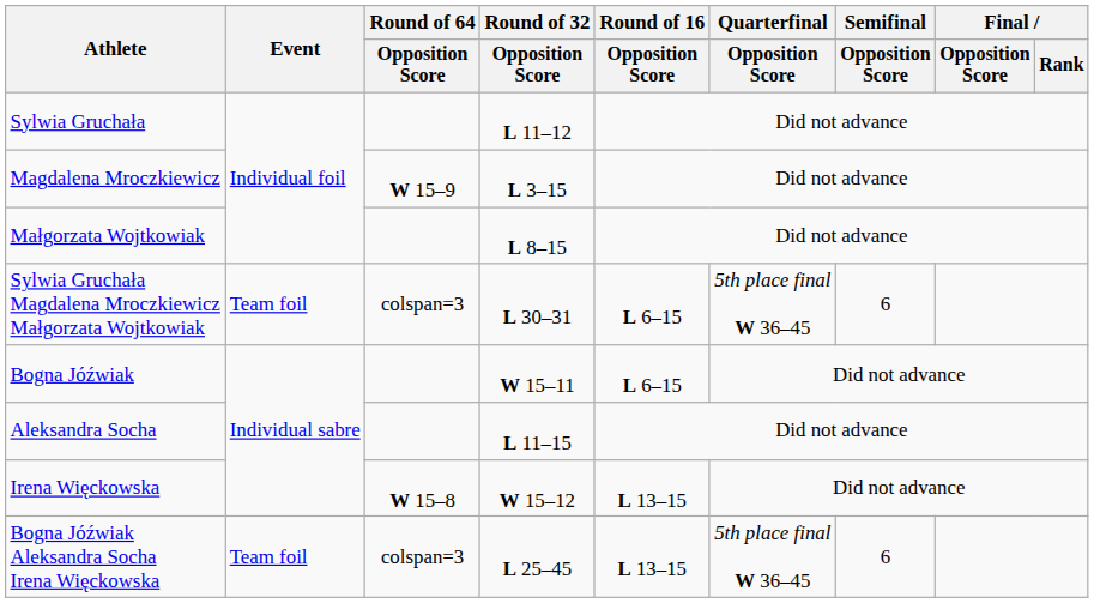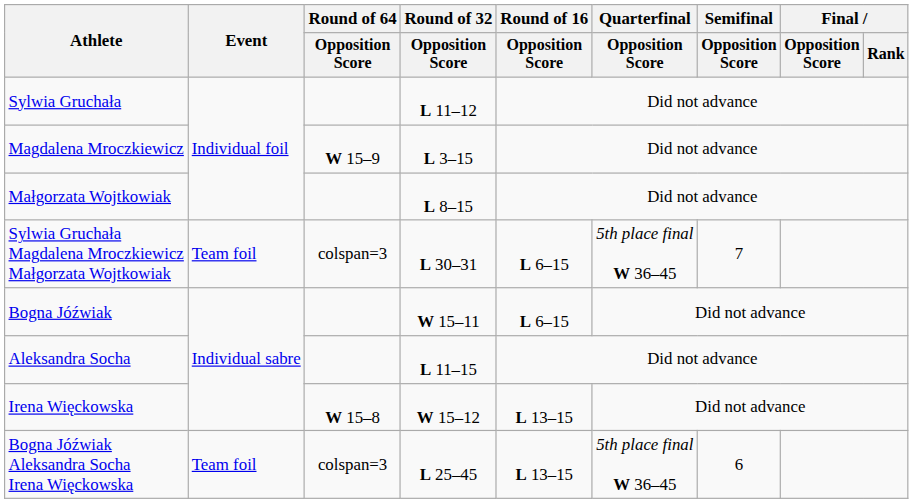 <table class="wikitable" style="font-size:90%">
 <tr>
 <th rowspan="2">Athlete</th>
 <th rowspan="2">Event</th>
 <th>Round of 64</th>
 <th>Round of 32</th>
 <th>Round of 16</th>
 <th>Quarterfinal</th>
 <th>Semifinal</th>
 <th colspan=2>Final / </th>
 </tr>
 <tr style="font-size:95%">
 <th>Opposition <br> Score</th>
 <th>Opposition <br> Score</th>
 <th>Opposition <br> Score</th>
 <th>Opposition <br> Score</th>
 <th>Opposition <br> Score</th>
 <th>Opposition <br> Score</th>
 <th>Rank</th>
 </tr>
 <tr align=center>
 <td align=left><a href='#'>Sylwia Gruchała</a></td>
 <td align=left rowspan=3><a href='#'>Individual foil</a></td>
 <td></td>
 <td><br><strong>L</strong> 11–12</td>
 <td colspan=5>Did not advance</td>
 </tr>
 <tr align=center>
 <td align=left><a href='#'>Magdalena Mroczkiewicz</a></td>
 <td><br><strong>W</strong> 15–9</td>
 <td><br><strong>L</strong> 3–15</td>
 <td colspan=5>Did not advance</td>
 </tr>
 <tr align=center>
 <td align=left><a href='#'>Małgorzata Wojtkowiak</a></td>
 <td></td>
 <td><br><strong>L</strong> 8–15</td>
 <td colspan=5>Did not advance</td>
 </tr>
 <tr align=center>
 <td align=left><a href='#'>Sylwia Gruchała</a><br><a href='#'>Magdalena Mroczkiewicz</a><br><a href='#'>Małgorzata Wojtkowiak</a></td>
 <td align=left><a href='#'>Team foil</a></td>
 <td>colspan=3 </td>
 <td><br><strong>L</strong> 30–31</td>
 <td><br><strong>L</strong> 6–15</td>
 <td><em>5th place final</em><br><br><strong>W</strong> 36–45</td>
-<td>6</td>
+<td>7</td>
 </tr>
 <tr align=center>
 <td align=left><a href='#'>Bogna Jóźwiak</a></td>
 <td align=left rowspan=3><a href='#'>Individual sabre</a></td>
 <td></td>
 <td><br><strong>W</strong> 15–11</td>
 <td><br><strong>L</strong> 6–15</td>
 <td colspan=4>Did not advance</td>
 </tr>
 <tr align=center>
 <td align=left><a href='#'>Aleksandra Socha</a></td>
 <td></td>
 <td><br><strong>L</strong> 11–15</td>
 <td colspan=5>Did not advance</td>
 </tr>
 <tr align=center>
 <td align=left><a href='#'>Irena Więckowska</a></td>
 <td><br><strong>W</strong> 15–8</td>
 <td><br><strong>W</strong> 15–12</td>
 <td><br><strong>L</strong> 13–15</td>
 <td colspan=4>Did not advance</td>
 </tr>
 <tr align=center>
 <td align=left><a href='#'>Bogna Jóźwiak</a><br><a href='#'>Aleksandra Socha</a><br><a href='#'>Irena Więckowska</a></td>
 <td align=left><a href='#'>Team foil</a></td>
 <td>colspan=3 </td>
 <td><br><strong>L</strong> 25–45</td>
 <td><br><strong>L</strong> 13–15</td>
 <td><em>5th place final</em><br><br><strong>W</strong> 36–45</td>
 <td>6</td>
 </tr>
 </table>
